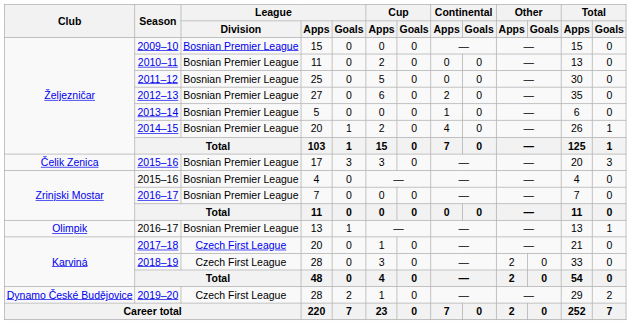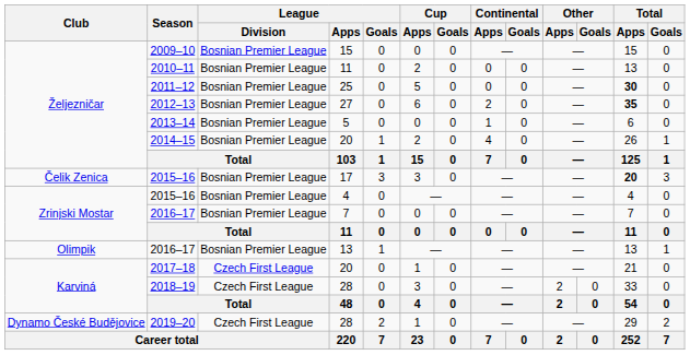 <table class=wikitable style="text-align: center;font-size:95%">
 <tr>
 <th rowspan=2>Club</th>
 <th rowspan=2>Season</th>
 <th colspan=3>League</th>
 <th colspan=2>Cup</th>
 <th colspan=2>Continental</th>
 <th colspan=2>Other</th>
 <th colspan=2>Total</th>
 </tr>
 <tr>
 <th>Division</th>
 <th>Apps</th>
 <th>Goals</th>
 <th>Apps</th>
 <th>Goals</th>
 <th>Apps</th>
 <th>Goals</th>
 <th>Apps</th>
 <th>Goals</th>
 <th>Apps</th>
 <th>Goals</th>
 </tr>
 <tr>
 <td rowspan=7><a href='#'>Željezničar</a></td>
 <td><a href='#'>2009–10</a></td>
 <td><a href='#'>Bosnian Premier League</a></td>
 <td>15</td>
 <td>0</td>
 <td>0</td>
 <td>0</td>
 <td colspan=2>—</td>
 <td colspan=2>—</td>
 <td>15</td>
 <td>0</td>
 </tr>
 <tr>
 <td><a href='#'>2010–11</a></td>
 <td>Bosnian Premier League</td>
 <td>11</td>
 <td>0</td>
 <td>2</td>
 <td>0</td>
 <td>0</td>
 <td>0</td>
 <td colspan=2>—</td>
 <td>13</td>
 <td>0</td>
 </tr>
 <tr>
 <td><a href='#'>2011–12</a></td>
 <td>Bosnian Premier League</td>
 <td>25</td>
 <td>0</td>
 <td>5</td>
 <td>0</td>
 <td>0</td>
 <td>0</td>
 <td colspan=2>—</td>
-<td>30</td>
+<td><strong>30</strong></td>
 <td>0</td>
 </tr>
 <tr>
 <td><a href='#'>2012–13</a></td>
 <td>Bosnian Premier League</td>
 <td>27</td>
 <td>0</td>
 <td>6</td>
 <td>0</td>
 <td>2</td>
 <td>0</td>
 <td colspan=2>—</td>
-<td>35</td>
+<td><strong>35</strong></td>
 <td>0</td>
 </tr>
 <tr>
 <td><a href='#'>2013–14</a></td>
 <td>Bosnian Premier League</td>
 <td>5</td>
 <td>0</td>
 <td>0</td>
 <td>0</td>
 <td>1</td>
 <td>0</td>
 <td colspan=2>—</td>
 <td>6</td>
 <td>0</td>
 </tr>
 <tr>
 <td><a href='#'>2014–15</a></td>
 <td>Bosnian Premier League</td>
 <td>20</td>
 <td>1</td>
 <td>2</td>
 <td>0</td>
 <td>4</td>
 <td>0</td>
 <td colspan=2>—</td>
 <td>26</td>
 <td>1</td>
 </tr>
 <tr>
 <th colspan=2>Total</th>
 <th>103</th>
 <th>1</th>
 <th>15</th>
 <th>0</th>
 <th>7</th>
 <th>0</th>
 <th colspan=2>—</th>
 <th>125</th>
 <th>1</th>
 </tr>
 <tr>
 <td><a href='#'>Čelik Zenica</a></td>
 <td><a href='#'>2015–16</a></td>
 <td>Bosnian Premier League</td>
 <td>17</td>
 <td>3</td>
 <td>3</td>
 <td>0</td>
 <td colspan=2>—</td>
 <td colspan=2>—</td>
-<td>20</td>
+<td><strong>20</strong></td>
 <td>3</td>
 </tr>
 <tr>
 <td rowspan=3><a href='#'>Zrinjski Mostar</a></td>
 <td>2015–16</td>
 <td>Bosnian Premier League</td>
 <td>4</td>
 <td>0</td>
 <td colspan=2>—</td>
 <td colspan=2>—</td>
 <td colspan=2>—</td>
 <td>4</td>
 <td>0</td>
 </tr>
 <tr>
 <td><a href='#'>2016–17</a></td>
 <td>Bosnian Premier League</td>
 <td>7</td>
 <td>0</td>
 <td>0</td>
 <td>0</td>
 <td colspan=2>—</td>
 <td colspan=2>—</td>
 <td>7</td>
 <td>0</td>
 </tr>
 <tr>
 <th colspan=2>Total</th>
 <th>11</th>
 <th>0</th>
 <th>0</th>
 <th>0</th>
 <th>0</th>
 <th>0</th>
 <th colspan=2>—</th>
 <th>11</th>
 <th>0</th>
 </tr>
 <tr>
 <td><a href='#'>Olimpik</a></td>
 <td>2016–17</td>
 <td>Bosnian Premier League</td>
 <td>13</td>
 <td>1</td>
 <td colspan=2>—</td>
 <td colspan=2>—</td>
 <td colspan=2>—</td>
 <td>13</td>
 <td>1</td>
 </tr>
 <tr>
 <td rowspan=3><a href='#'>Karviná</a></td>
 <td><a href='#'>2017–18</a></td>
 <td><a href='#'>Czech First League</a></td>
 <td>20</td>
 <td>0</td>
 <td>1</td>
 <td>0</td>
 <td colspan=2>—</td>
 <td colspan=2>—</td>
 <td>21</td>
 <td>0</td>
 </tr>
 <tr>
 <td><a href='#'>2018–19</a></td>
 <td>Czech First League</td>
 <td>28</td>
 <td>0</td>
 <td>3</td>
 <td>0</td>
 <td colspan=2>—</td>
 <td>2</td>
 <td>0</td>
 <td>33</td>
 <td>0</td>
 </tr>
 <tr>
 <th colspan=2>Total</th>
 <th>48</th>
 <th>0</th>
 <th>4</th>
 <th>0</th>
 <th colspan=2>—</th>
 <th>2</th>
 <th>0</th>
 <th>54</th>
 <th>0</th>
 </tr>
 <tr>
 <td><a href='#'>Dynamo České Budějovice</a></td>
 <td><a href='#'>2019–20</a></td>
 <td>Czech First League</td>
 <td>28</td>
 <td>2</td>
 <td>1</td>
 <td>0</td>
 <td colspan=2>—</td>
 <td colspan=2>—</td>
 <td>29</td>
 <td>2</td>
 </tr>
 <tr>
 <th colspan=3>Career total</th>
 <th>220</th>
 <th>7</th>
 <th>23</th>
 <th>0</th>
 <th>7</th>
 <th>0</th>
 <th>2</th>
 <th>0</th>
 <th>252</th>
 <th>7</th>
 </tr>
 </table>
